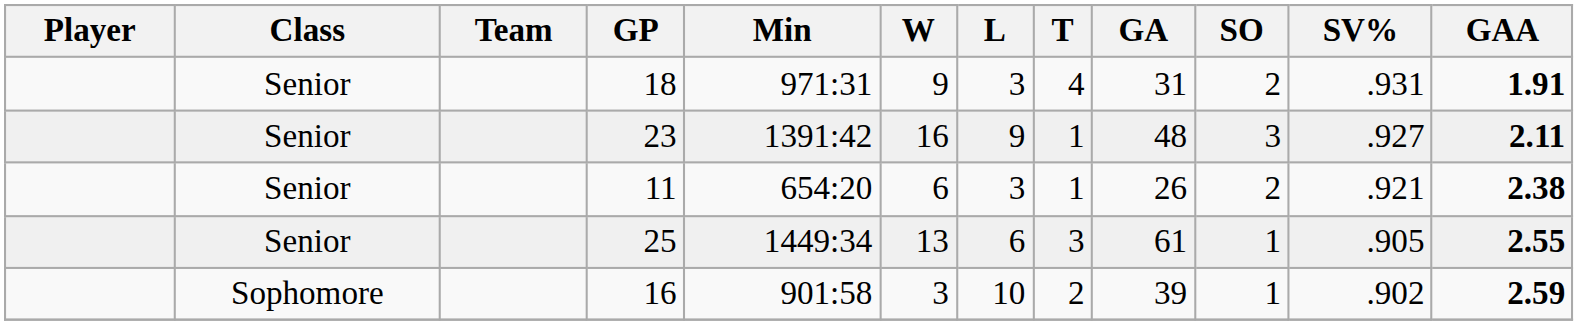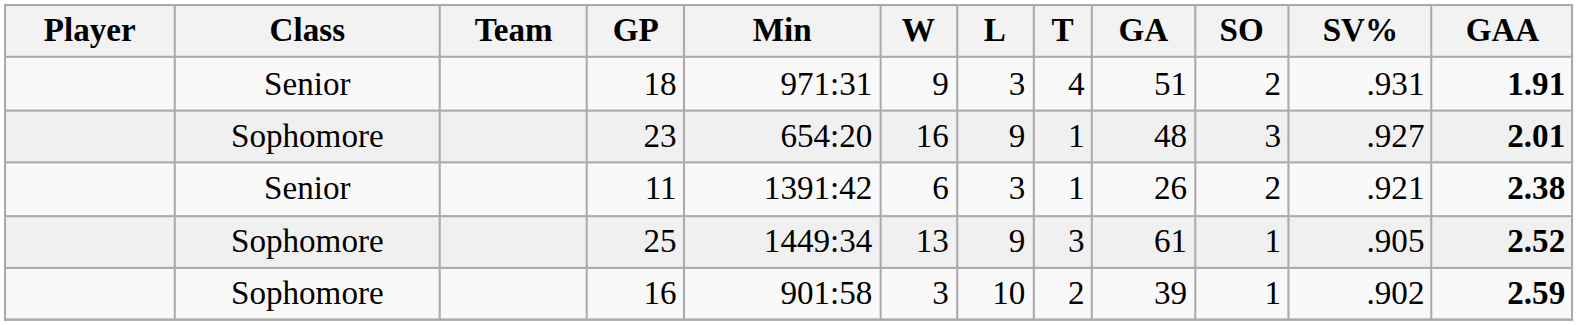 <table class="wikitable sortable" style="text-align: center; "width=60%">
 <tr>
 <th>Player</th>
 <th>Class</th>
 <th>Team</th>
 <th>GP</th>
 <th>Min</th>
 <th>W</th>
 <th>L</th>
 <th>T</th>
 <th>GA</th>
 <th>SO</th>
 <th>SV%</th>
 <th>GAA</th>
 </tr>
 <tr>
 <td style="text-align: left"></td>
 <td>Senior</td>
 <td><strong><a href='#'></a></strong></td>
 <td style="text-align: right">18</td>
 <td style="text-align: right">971:31</td>
 <td style="text-align: right">9</td>
 <td style="text-align: right">3</td>
 <td style="text-align: right">4</td>
-<td style="text-align: right">31</td>
+<td style="text-align: right">51</td>
 <td style="text-align: right">2</td>
 <td style="text-align: right">.931</td>
 <td style="text-align: right"><strong>1.91</strong></td>
 </tr>
 <tr bgcolor=f0f0f0>
 <td style="text-align: left"></td>
-<td>Senior</td>
+<td>Sophomore</td>
 <td><strong><a href='#'></a></strong></td>
 <td style="text-align: right">23</td>
-<td style="text-align: right">1391:42</td>
+<td style="text-align: right">654:20</td>
 <td style="text-align: right">16</td>
 <td style="text-align: right">9</td>
 <td style="text-align: right">1</td>
 <td style="text-align: right">48</td>
 <td style="text-align: right">3</td>
 <td style="text-align: right">.927</td>
-<td style="text-align: right"><strong>2.11</strong></td>
+<td style="text-align: right"><strong>2.01</strong></td>
 </tr>
 <tr>
 <td style="text-align: left"></td>
 <td>Senior</td>
 <td><strong><a href='#'></a></strong></td>
 <td style="text-align: right">11</td>
-<td style="text-align: right">654:20</td>
+<td style="text-align: right">1391:42</td>
 <td style="text-align: right">6</td>
 <td style="text-align: right">3</td>
 <td style="text-align: right">1</td>
 <td style="text-align: right">26</td>
 <td style="text-align: right">2</td>
 <td style="text-align: right">.921</td>
 <td style="text-align: right"><strong>2.38</strong></td>
 </tr>
 <tr bgcolor=f0f0f0>
 <td style="text-align: left"></td>
-<td>Senior</td>
+<td>Sophomore</td>
 <td><strong><a href='#'></a></strong></td>
 <td style="text-align: right">25</td>
 <td style="text-align: right">1449:34</td>
 <td style="text-align: right">13</td>
-<td style="text-align: right">6</td>
+<td style="text-align: right">9</td>
 <td style="text-align: right">3</td>
 <td style="text-align: right">61</td>
 <td style="text-align: right">1</td>
 <td style="text-align: right">.905</td>
-<td style="text-align: right"><strong>2.55</strong></td>
+<td style="text-align: right"><strong>2.52</strong></td>
 </tr>
 <tr>
 <td style="text-align: left"></td>
 <td>Sophomore</td>
 <td><strong><a href='#'></a></strong></td>
 <td style="text-align: right">16</td>
 <td style="text-align: right">901:58</td>
 <td style="text-align: right">3</td>
 <td style="text-align: right">10</td>
 <td style="text-align: right">2</td>
 <td style="text-align: right">39</td>
 <td style="text-align: right">1</td>
 <td style="text-align: right">.902</td>
 <td style="text-align: right"><strong>2.59</strong></td>
 </tr>
 <tr>
 </tr>
 </table>
